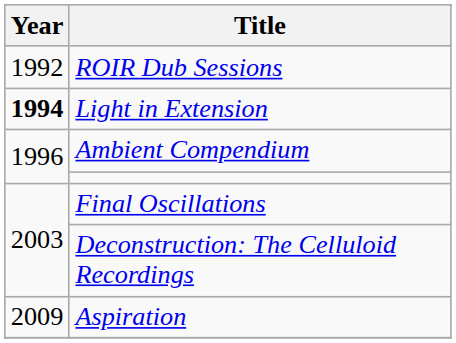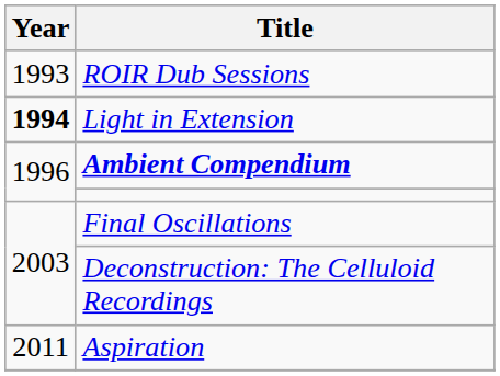 <table class=wikitable style=text-align:center;>
 <tr>
 <th style="width:25px;">Year</th>
 <th style="width:225px;">Title</th>
 </tr>
 <tr>
-<td>1992</td>
+<td>1993</td>
 <td align=left><em><a href='#'>ROIR Dub Sessions</a></em></td>
 </tr>
 <tr>
 <td><strong>1994</strong></td>
 <td align=left><em><a href='#'>Light in Extension</a></em></td>
 </tr>
 <tr>
 <td rowspan="2">1996</td>
-<td align=left><em><a href='#'>Ambient Compendium</a></em></td>
+<td align=left><strong><em><a href='#'>Ambient Compendium</a></em></strong></td>
 </tr>
 <tr>
 <td align=left><em></em></td>
 </tr>
 <tr>
 <td rowspan="2">2003</td>
 <td align=left><em><a href='#'>Final Oscillations</a></em></td>
 </tr>
 <tr>
 <td align=left><em><a href='#'>Deconstruction: The Celluloid Recordings</a></em></td>
 </tr>
 <tr>
-<td>2009</td>
+<td>2011</td>
 <td align=left><em><a href='#'>Aspiration</a></em></td>
 </tr>
 <tr>
 </tr>
 </table>
